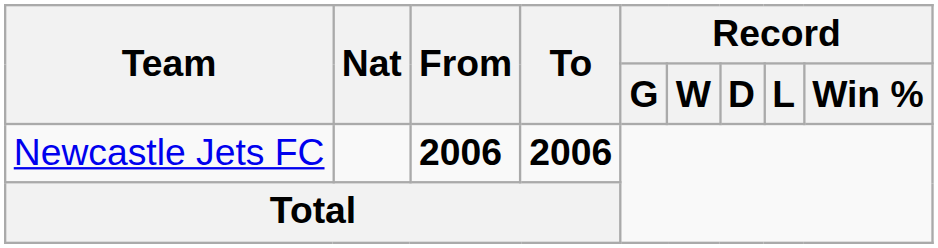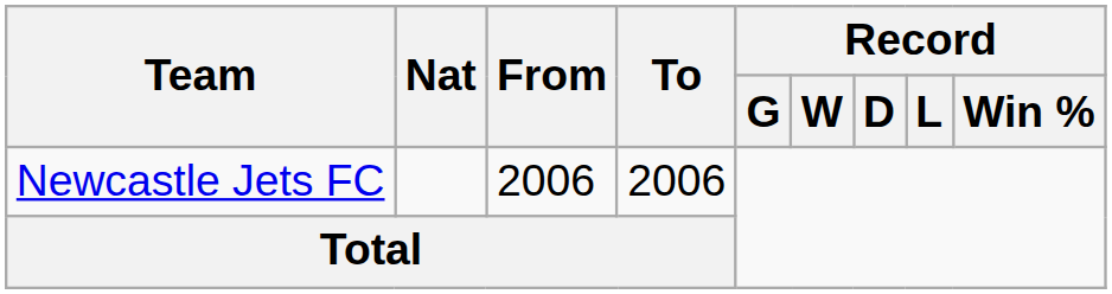 <table class="wikitable" style="text-align: center">
 <tr>
 <th rowspan=2>Team</th>
 <th rowspan=2>Nat</th>
 <th rowspan=2>From</th>
 <th rowspan=2>To</th>
 <th colspan=5>Record</th>
 </tr>
 <tr>
 <th>G</th>
 <th>W</th>
 <th>D</th>
 <th>L</th>
 <th>Win %</th>
 </tr>
 <tr>
 <td align=left><a href='#'>Newcastle Jets FC</a></td>
 <td></td>
-<td align=left><strong>2006</strong></td>
-<td align=left><strong>2006<br></strong></td>
+<td align=left>2006</td>
+<td align=left>2006<br></td>
 </tr>
 <tr>
 <th colspan=4>Total<br></th>
 </tr>
 </table>
